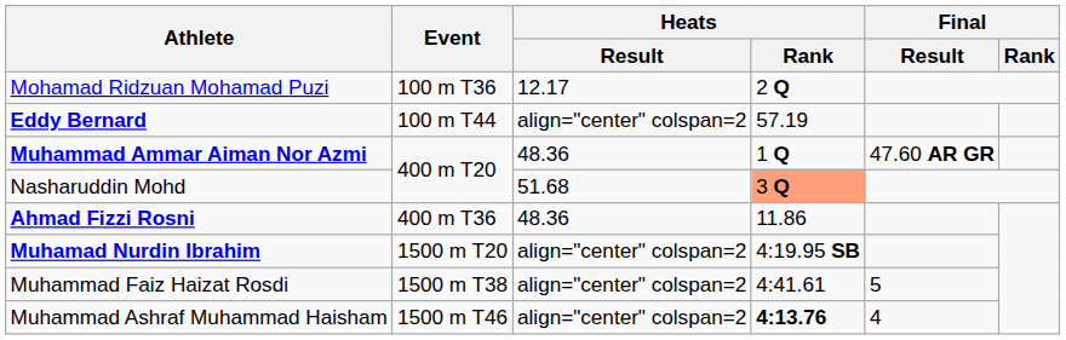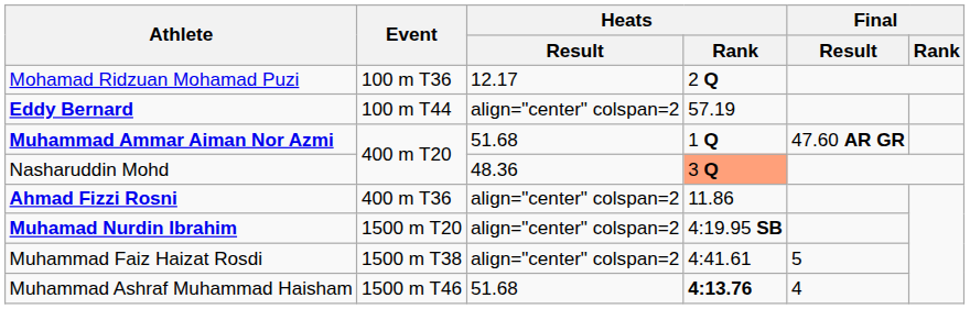 <table class=wikitable style="font-size:90%" style="text-align:center">
 <tr>
 <th rowspan="2">Athlete</th>
 <th rowspan="2">Event</th>
 <th colspan="2">Heats</th>
 <th colspan="2">Final</th>
 </tr>
 <tr>
 <th>Result</th>
 <th>Rank</th>
 <th>Result</th>
 <th>Rank</th>
 </tr>
 <tr>
 <td align=left><a href='#'>Mohamad Ridzuan Mohamad Puzi</a></td>
 <td align=left>100 m T36</td>
 <td>12.17</td>
 <td>2 <strong>Q</strong></td>
 <td align="center" colspan="2"></td>
 </tr>
 <tr>
 <td align=left><strong><a href='#'>Eddy Bernard</a></strong></td>
 <td align=left>100 m T44</td>
 <td>align="center" colspan=2 </td>
 <td>57.19</td>
 <td></td>
 </tr>
 <tr>
 <td align=left><strong><a href='#'>Muhammad Ammar Aiman Nor Azmi</a></strong></td>
 <td align=left rowspan=2>400 m T20</td>
-<td>48.36</td>
+<td>51.68</td>
 <td>1 <strong>Q</strong></td>
 <td>47.60 <strong>AR</strong> <strong>GR</strong></td>
 <td></td>
 </tr>
 <tr>
 <td align=left>Nasharuddin Mohd</td>
-<td>51.68</td>
+<td>48.36</td>
 <td style="background: lightsalmon;">3 <strong>Q</strong></td>
 <td align="center" colspan="2"></td>
 </tr>
 <tr>
 <td align=left><strong><a href='#'>Ahmad Fizzi Rosni</a></strong></td>
 <td align=left>400 m T36</td>
-<td>48.36</td>
+<td>align="center" colspan=2 </td>
 <td>11.86</td>
 <td></td>
 </tr>
 <tr>
 <td align=left><strong><a href='#'>Muhamad Nurdin Ibrahim</a></strong></td>
 <td align=left>1500 m T20</td>
 <td>align="center" colspan=2 </td>
 <td>4:19.95 <strong>SB</strong></td>
 <td></td>
 </tr>
 <tr>
 <td align=left>Muhammad Faiz Haizat Rosdi</td>
 <td align=left>1500 m T38</td>
 <td>align="center" colspan=2 </td>
 <td>4:41.61</td>
 <td>5</td>
 </tr>
 <tr>
 <td align=left>Muhammad Ashraf Muhammad Haisham</td>
 <td align=left>1500 m T46</td>
-<td>align="center" colspan=2 </td>
+<td>51.68</td>
 <td><strong>4:13.76</strong></td>
 <td>4</td>
 </tr>
 </table>
